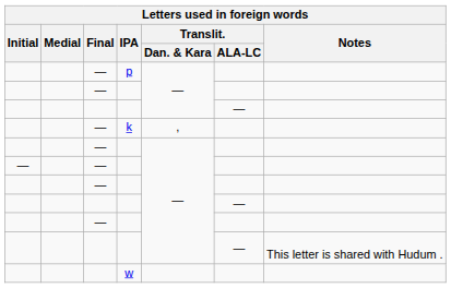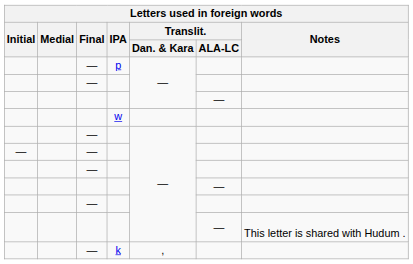 <table class="wikitable nounderlines" style="display: inline-table; text-align: center">
 <tr>
 <th colspan="7">Letters used in foreign words</th>
 </tr>
 <tr>
 <th rowspan="2">Initial</th>
 <th rowspan="2">Medial</th>
 <th rowspan="2">Final</th>
 <th rowspan="2">IPA</th>
 <th colspan="2">Translit.</th>
 <th rowspan="2">Notes</th>
 </tr>
 <tr>
 <th>Dan. & Kara</th>
 <th>ALA-LC</th>
 </tr>
 <tr>
 <td></td>
 <td></td>
 <td>—</td>
 <td><a href='#'>p</a></td>
 <td rowspan="3">—</td>
 <td><em></em></td>
 <td style="text-align: left"></td>
 </tr>
 <tr>
 <td></td>
 <td></td>
 <td>—</td>
 <td></td>
 <td><em></em></td>
 <td style="text-align: left"></td>
 </tr>
 <tr>
 <td></td>
 <td></td>
 <td></td>
 <td></td>
 <td>—</td>
 <td style="text-align: left"></td>
 </tr>
 <tr>
 <td></td>
 <td></td>
-<td>—</td>
-<td><a href='#'>k</a></td>
-<td><em></em>, </td>
+<td></td>
+<td><a href='#'>w</a></td>
+<td><em></em></td>
 <td><em></em></td>
 <td style="text-align: left"></td>
 </tr>
 <tr>
 <td></td>
 <td></td>
 <td>—</td>
 <td></td>
 <td rowspan="6">—</td>
 <td><em></em></td>
 <td style="text-align: left"></td>
 </tr>
 <tr>
 <td>—</td>
 <td></td>
 <td>—</td>
 <td></td>
 <td><em></em></td>
 <td style="text-align: left"></td>
 </tr>
 <tr>
 <td></td>
 <td></td>
 <td>—</td>
 <td></td>
 <td><em></em></td>
 <td style="text-align: left"></td>
 </tr>
 <tr>
 <td></td>
 <td></td>
 <td></td>
 <td></td>
 <td>—</td>
 <td style="text-align: left"></td>
 </tr>
 <tr>
 <td></td>
 <td></td>
 <td>—</td>
 <td></td>
 <td></td>
 <td style="text-align: left"></td>
 </tr>
 <tr>
 <td></td>
 <td></td>
 <td></td>
 <td></td>
 <td>—</td>
 <td style="text-align: left"><br>This letter is shared with Hudum <em></em>.</td>
 </tr>
 <tr>
 <td></td>
 <td></td>
-<td></td>
-<td><a href='#'>w</a></td>
-<td><em></em></td>
+<td>—</td>
+<td><a href='#'>k</a></td>
+<td><em></em>, </td>
 <td><em></em></td>
 <td style="text-align: left"></td>
 </tr>
 </table>
